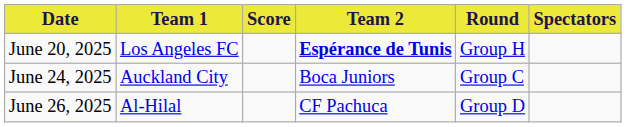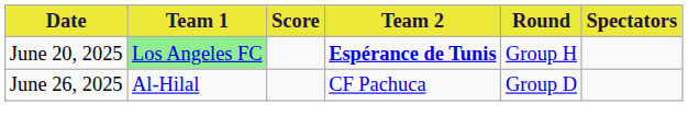 <table class="wikitable">
 <tr>
 <th style="text-align:center; background:#EDE939; color:#201547; ">Date</th>
 <th style="text-align:center; background:#EDE939; color:#201547; ">Team 1</th>
 <th style="text-align:center; background:#EDE939; color:#201547; ">Score</th>
 <th style="text-align:center; background:#EDE939; color:#201547; ">Team 2</th>
 <th style="text-align:center; background:#EDE939; color:#201547; ">Round</th>
 <th style="text-align:center; background:#EDE939; color:#201547; ">Spectators</th>
 </tr>
 <tr>
 <td>June 20, 2025</td>
-<td> <a href='#'>Los Angeles FC</a></td>
+<td style="background: lightgreen;"> <a href='#'>Los Angeles FC</a></td>
 <td></td>
 <td><strong> <a href='#'>Espérance de Tunis</a></strong></td>
 <td><a href='#'>Group H</a></td>
-<td></td>
-</tr>
-<tr>
-<td>June 24, 2025</td>
-<td> <a href='#'>Auckland City</a></td>
-<td></td>
-<td> <a href='#'>Boca Juniors</a></td>
-<td><a href='#'>Group C</a></td>
 <td></td>
 </tr>
 <tr>
 <td>June 26, 2025</td>
 <td> <a href='#'>Al-Hilal</a></td>
 <td></td>
 <td> <a href='#'>CF Pachuca</a></td>
 <td><a href='#'>Group D</a></td>
 <td></td>
 </tr>
 </table>
